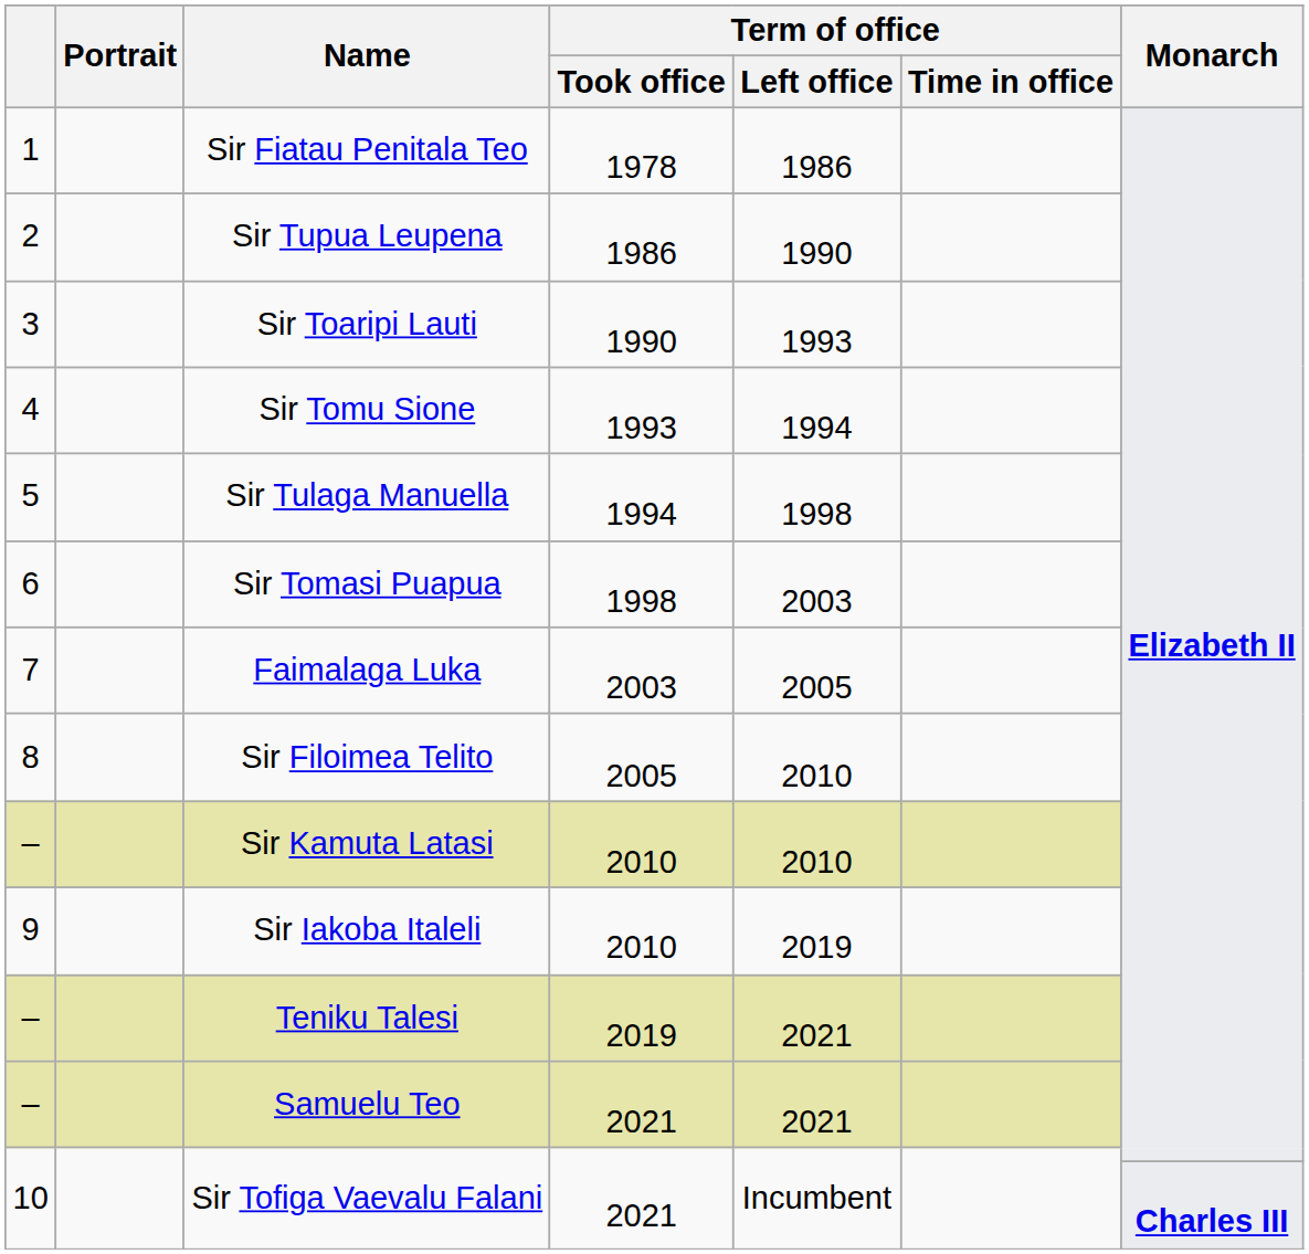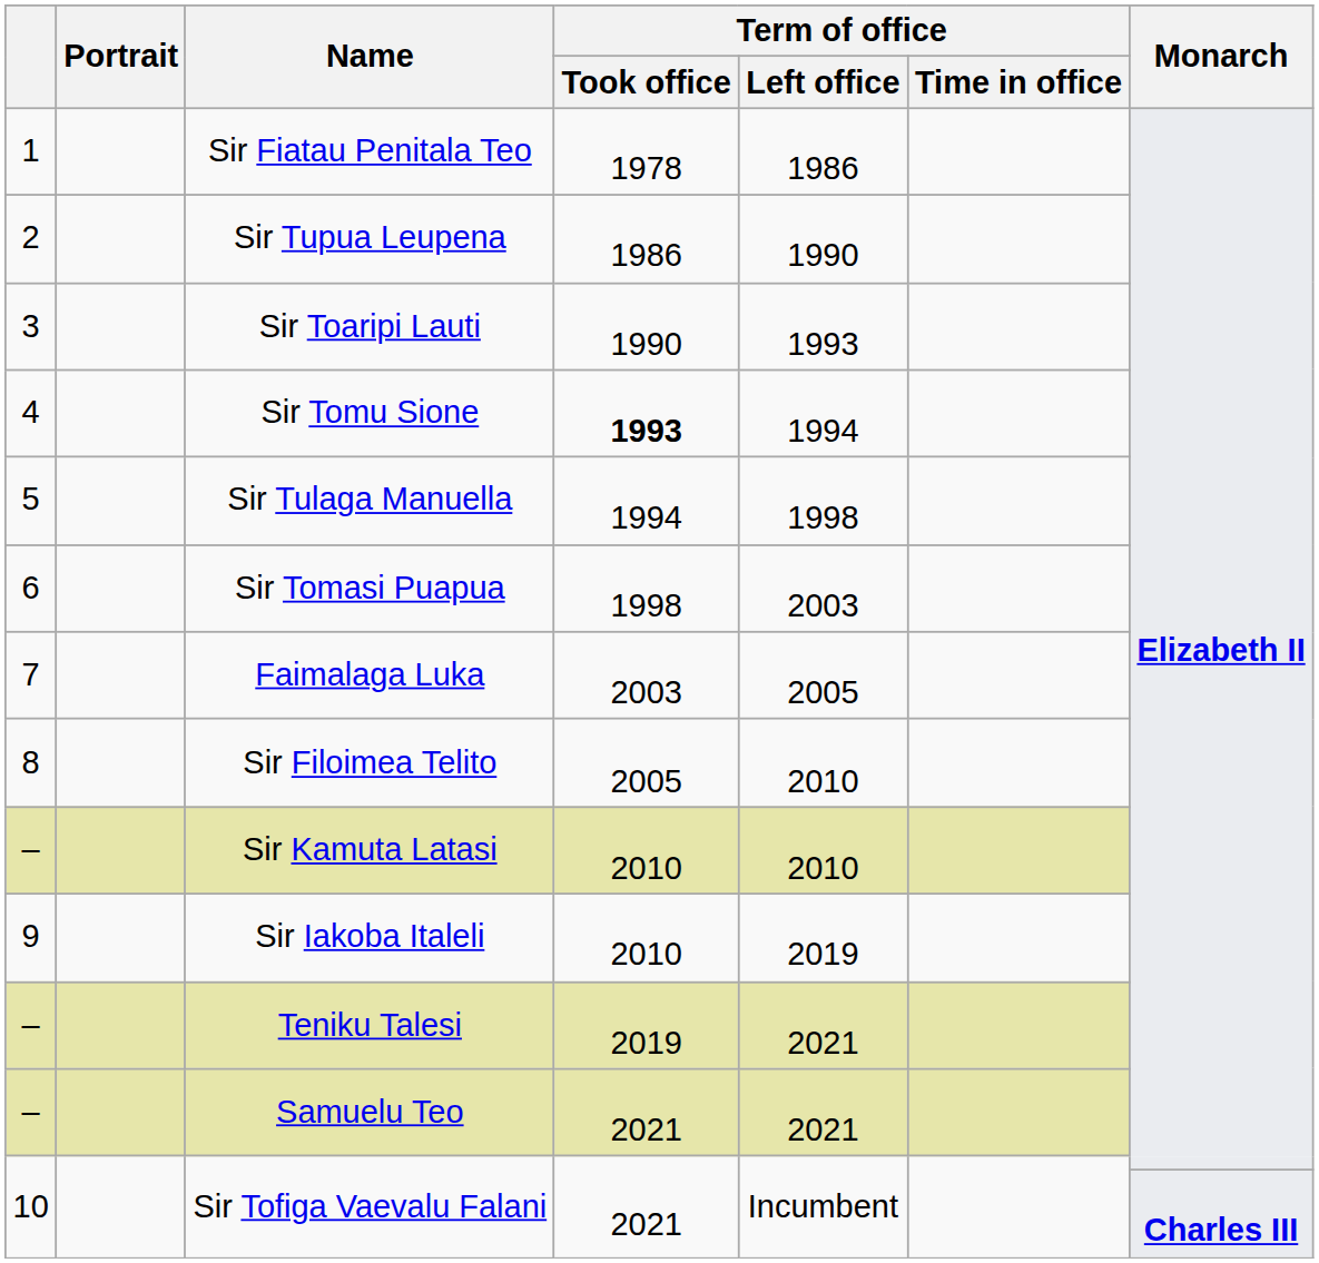 <table class="wikitable" style="text-align:center;">
 <tr>
 <th rowspan="2"></th>
 <th rowspan="2">Portrait</th>
 <th rowspan="2">Name<br></th>
 <th colspan="3">Term of office</th>
 <th rowspan="2">Monarch<br></th>
 </tr>
 <tr>
 <th>Took office</th>
 <th>Left office</th>
 <th>Time in office</th>
 </tr>
 <tr>
 <td>1</td>
 <td></td>
 <td>Sir <a href='#'>Fiatau Penitala Teo</a><br></td>
 <td><br>1978</td>
 <td><br>1986</td>
 <td></td>
 <td rowspan="12" style="background:#eaecf0; border-style: solid solid none solid ;"><br><strong><a href='#'>Elizabeth II</a></strong><br></td>
 </tr>
 <tr>
 <td>2</td>
 <td></td>
 <td>Sir <a href='#'>Tupua Leupena</a><br></td>
 <td><br>1986</td>
 <td><br>1990</td>
 <td></td>
 </tr>
 <tr>
 <td>3</td>
 <td></td>
 <td>Sir <a href='#'>Toaripi Lauti</a><br></td>
 <td><br>1990</td>
 <td><br>1993</td>
 <td></td>
 </tr>
 <tr>
 <td>4</td>
 <td></td>
 <td>Sir <a href='#'>Tomu Sione</a><br></td>
-<td><br>1993</td>
+<td><strong><br>1993</strong></td>
 <td><br>1994</td>
 <td></td>
 </tr>
 <tr>
 <td>5</td>
 <td></td>
 <td>Sir <a href='#'>Tulaga Manuella</a><br></td>
 <td><br>1994</td>
 <td><br>1998</td>
 <td></td>
 </tr>
 <tr>
 <td>6</td>
 <td></td>
 <td>Sir <a href='#'>Tomasi Puapua</a><br></td>
 <td><br>1998</td>
 <td><br>2003</td>
 <td></td>
 </tr>
 <tr>
 <td>7</td>
 <td></td>
 <td><a href='#'>Faimalaga Luka</a><br></td>
 <td><br>2003</td>
 <td><br>2005</td>
 <td></td>
 </tr>
 <tr>
 <td>8</td>
 <td></td>
 <td>Sir <a href='#'>Filoimea Telito</a><br></td>
 <td><br>2005</td>
 <td><br>2010</td>
 <td></td>
 </tr>
 <tr style="background:#e6e6aa;">
 <td>–</td>
 <td></td>
 <td>Sir <a href='#'>Kamuta Latasi</a><br></td>
 <td><br>2010</td>
 <td><br>2010</td>
 <td></td>
 </tr>
 <tr>
 <td>9</td>
 <td></td>
 <td>Sir <a href='#'>Iakoba Italeli</a><br></td>
 <td><br>2010</td>
 <td><br>2019</td>
 <td></td>
 </tr>
 <tr style="background:#e6e6aa;">
 <td>–</td>
 <td></td>
 <td><a href='#'>Teniku Talesi</a><br></td>
 <td><br>2019</td>
 <td><br>2021</td>
 <td></td>
 </tr>
 <tr style="background:#e6e6aa;">
 <td>–</td>
 <td></td>
 <td><a href='#'>Samuelu Teo</a><br></td>
 <td><br>2021</td>
 <td><br>2021</td>
 <td></td>
 </tr>
 <tr>
 <td rowspan=2>10</td>
 <td rowspan=2></td>
 <td rowspan=2>Sir <a href='#'>Tofiga Vaevalu Falani</a><br></td>
 <td rowspan=2><br>2021</td>
 <td rowspan=2>Incumbent</td>
 <td rowspan=2></td>
 <td style="background:#eaecf0 ; border-style: none solid solid solid ;"></td>
 </tr>
 <tr>
 <td rowspan="1" style="background:#eaecf0"><br><strong><a href='#'>Charles III</a></strong><br></td>
 </tr>
 </table>
